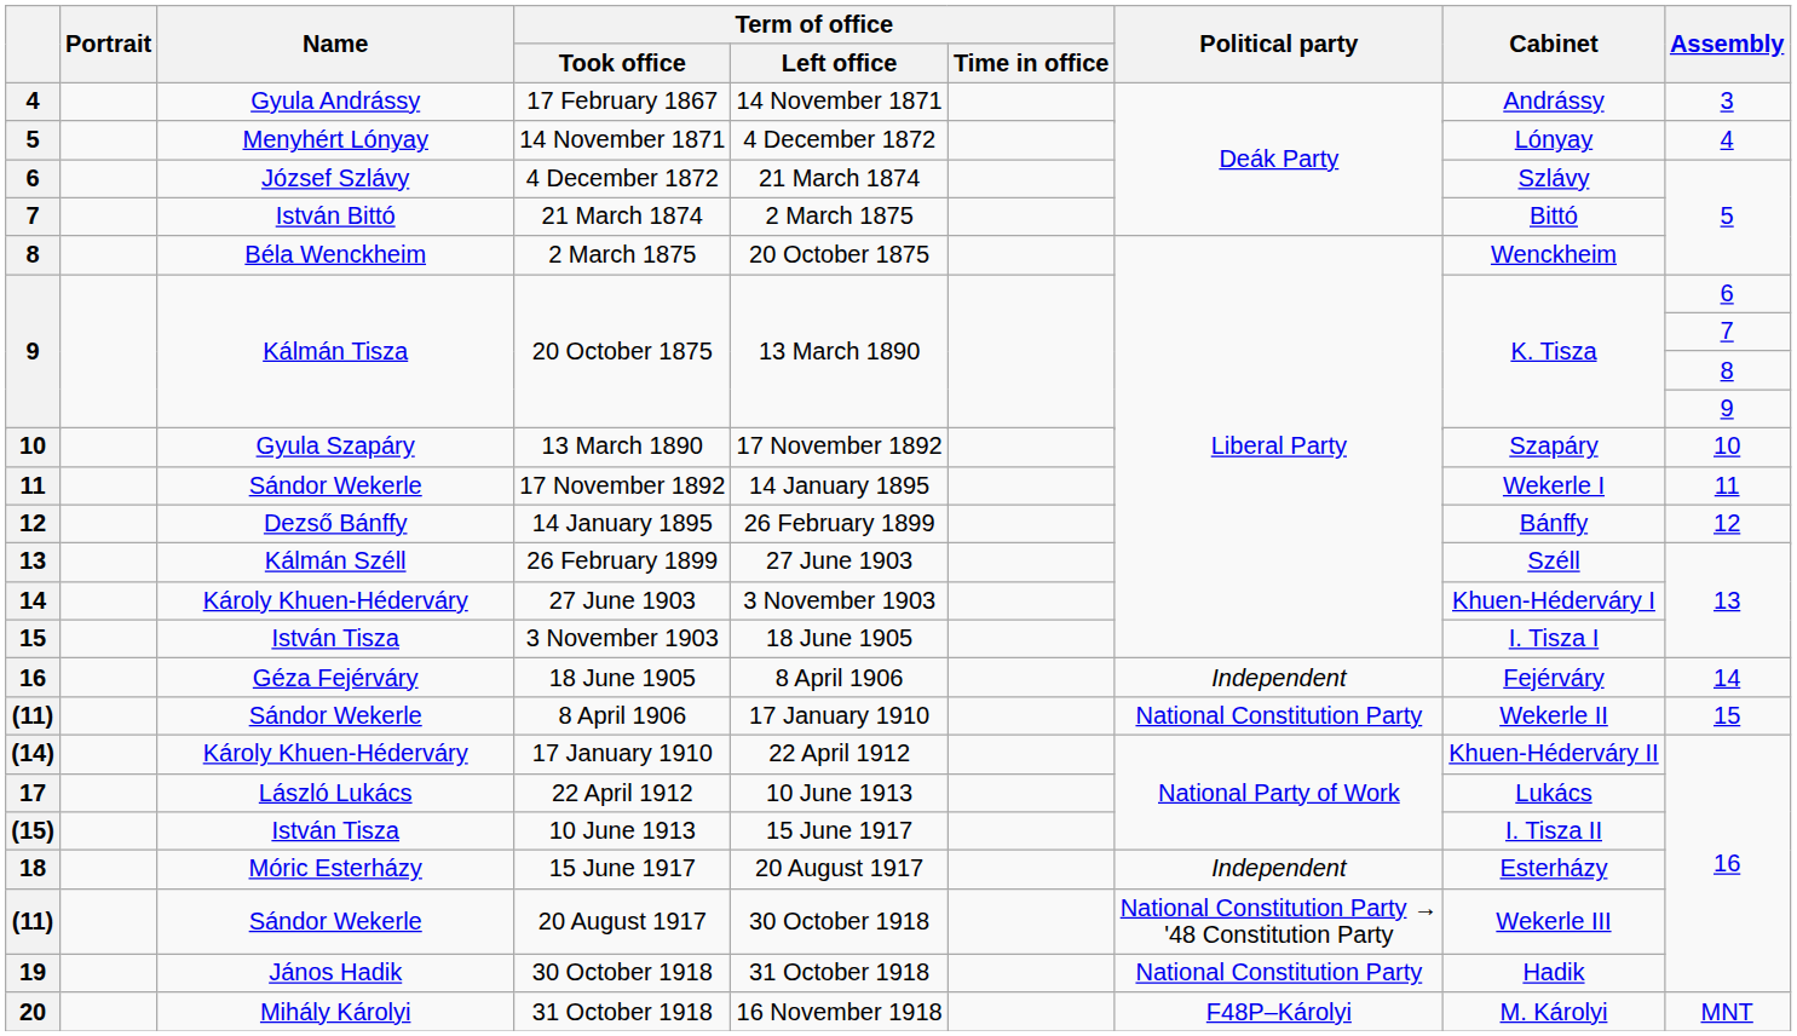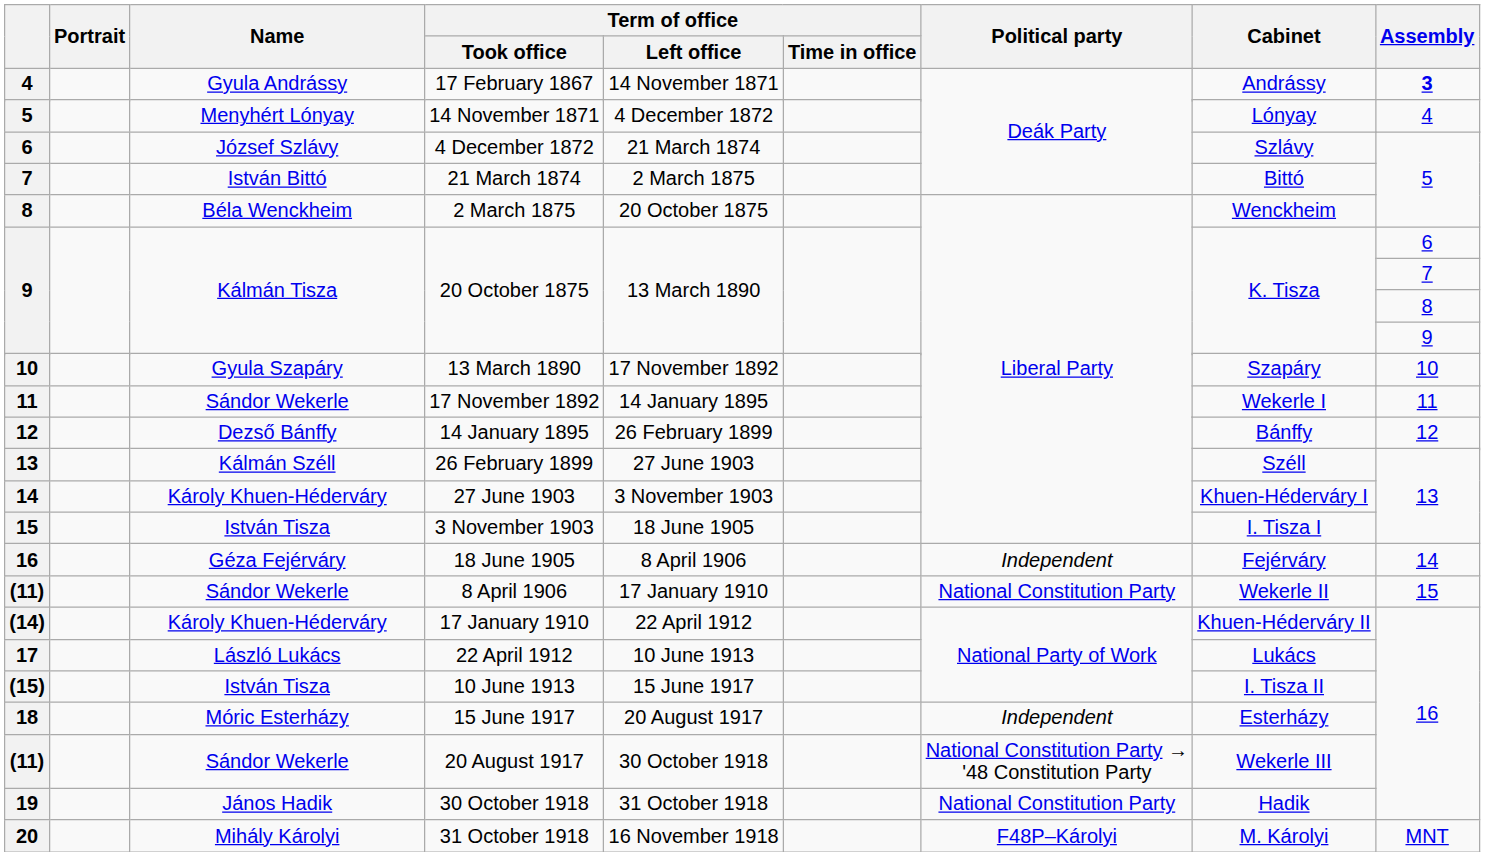 <table class="wikitable" style="text-align:center;">
 <tr>
 <th rowspan=2></th>
 <th rowspan=2>Portrait</th>
 <th width=20% rowspan=2>Name<br></th>
 <th colspan=3>Term of office</th>
 <th rowspan=2>Political party</th>
 <th rowspan=2>Cabinet</th>
 <th rowspan=2><a href='#'>Assembly</a><br></th>
 </tr>
 <tr>
 <th>Took office</th>
 <th>Left office</th>
 <th>Time in office</th>
 </tr>
 <tr>
 <th rowspan=2 style="background:">4</th>
 <td rowspan=2></td>
 <td rowspan=2><a href='#'>Gyula Andrássy</a><br></td>
 <td rowspan=2>17 February 1867</td>
 <td rowspan=2>14 November 1871</td>
 <td rowspan=2></td>
 <td rowspan=6><a href='#'>Deák Party</a></td>
 <td rowspan=2><a href='#'>Andrássy</a><br></td>
-<td><a href='#'>3 </a></td>
+<td><strong><a href='#'>3 </a></strong></td>
 </tr>
 <tr>
 <td rowspan=2><a href='#'>4 </a></td>
 </tr>
 <tr>
 <th rowspan=2 style="background:">5</th>
 <td rowspan=2></td>
 <td rowspan=2><a href='#'>Menyhért Lónyay</a><br></td>
 <td rowspan=2>14 November 1871</td>
 <td rowspan=2>4 December 1872</td>
 <td rowspan=2></td>
 <td rowspan=2><a href='#'>Lónyay</a><br></td>
 </tr>
 <tr>
 <td rowspan=4><a href='#'>5 </a></td>
 </tr>
 <tr>
 <th style="background:">6</th>
 <td></td>
 <td><a href='#'>József Szlávy</a><br></td>
 <td>4 December 1872</td>
 <td>21 March 1874</td>
 <td></td>
 <td><a href='#'>Szlávy</a><br></td>
 </tr>
 <tr>
 <th style="background:">7</th>
 <td></td>
 <td><a href='#'>István Bittó</a><br></td>
 <td>21 March 1874</td>
 <td>2 March 1875</td>
 <td></td>
 <td><a href='#'>Bittó</a><br></td>
 </tr>
 <tr>
 <th style="background:">8</th>
 <td></td>
 <td><a href='#'>Béla Wenckheim</a><br></td>
 <td>2 March 1875</td>
 <td>20 October 1875</td>
 <td></td>
 <td rowspan=15><a href='#'>Liberal Party</a></td>
 <td><a href='#'>Wenckheim</a><br></td>
 </tr>
 <tr>
 <th rowspan=5 style="background:">9</th>
 <td rowspan=5></td>
 <td rowspan=5><a href='#'>Kálmán Tisza</a><br></td>
 <td rowspan=5>20 October 1875</td>
 <td rowspan=5>13 March 1890</td>
 <td rowspan=5></td>
 <td rowspan=5><a href='#'>K. Tisza</a><br></td>
 <td><a href='#'>6 </a></td>
 </tr>
 <tr>
 <td><a href='#'>7 </a></td>
 </tr>
 <tr>
 <td><a href='#'>8 </a></td>
 </tr>
 <tr>
 <td><a href='#'>9 </a></td>
 </tr>
 <tr>
 <td rowspan=2><a href='#'>10 </a></td>
 </tr>
 <tr>
 <th rowspan=2 style="background:">10</th>
 <td rowspan=2></td>
 <td rowspan=2><a href='#'>Gyula Szapáry</a><br></td>
 <td rowspan=2>13 March 1890</td>
 <td rowspan=2>17 November 1892</td>
 <td rowspan=2></td>
 <td rowspan=2><a href='#'>Szapáry</a><br></td>
 </tr>
 <tr>
 <td rowspan=3><a href='#'>11 </a></td>
 </tr>
 <tr>
 <th style="background:">11</th>
 <td></td>
 <td><a href='#'>Sándor Wekerle</a><br></td>
 <td>17 November 1892</td>
 <td>14 January 1895</td>
 <td></td>
 <td><a href='#'>Wekerle I</a><br></td>
 </tr>
 <tr>
 <th rowspan=2 style="background:">12</th>
 <td rowspan=2></td>
 <td rowspan=2><a href='#'>Dezső Bánffy</a><br></td>
 <td rowspan=2>14 January 1895</td>
 <td rowspan=2>26 February 1899</td>
 <td rowspan=2></td>
 <td rowspan=2><a href='#'>Bánffy</a><br></td>
 </tr>
 <tr>
 <td rowspan=2><a href='#'>12 </a></td>
 </tr>
 <tr>
 <th rowspan=2 style="background:">13</th>
 <td rowspan=2></td>
 <td rowspan=2><a href='#'>Kálmán Széll</a><br></td>
 <td rowspan=2>26 February 1899</td>
 <td rowspan=2>27 June 1903</td>
 <td rowspan=2></td>
 <td rowspan=2><a href='#'>Széll</a><br></td>
 </tr>
 <tr>
 <td rowspan=3><a href='#'>13 </a></td>
 </tr>
 <tr>
 <th style="background:">14</th>
 <td></td>
 <td><a href='#'>Károly Khuen-Héderváry</a><br></td>
 <td>27 June 1903</td>
 <td>3 November 1903</td>
 <td></td>
 <td><a href='#'>Khuen-Héderváry I</a><br></td>
 </tr>
 <tr>
 <th style="background:">15</th>
 <td></td>
 <td><a href='#'>István Tisza</a><br></td>
 <td>3 November 1903</td>
 <td>18 June 1905</td>
 <td></td>
 <td><a href='#'>I. Tisza I</a><br></td>
 </tr>
 <tr>
 <th style="background:">16</th>
 <td></td>
 <td><a href='#'>Géza Fejérváry</a><br></td>
 <td>18 June 1905</td>
 <td>8 April 1906</td>
 <td></td>
 <td><em>Independent</em></td>
 <td><a href='#'>Fejérváry</a><br></td>
 <td><a href='#'>14 </a></td>
 </tr>
 <tr>
 <th style="background:">(11)</th>
 <td></td>
 <td><a href='#'>Sándor Wekerle</a><br></td>
 <td>8 April 1906</td>
 <td>17 January 1910</td>
 <td></td>
 <td><a href='#'>National Constitution Party</a></td>
 <td><a href='#'>Wekerle II</a><br></td>
 <td><a href='#'>15 </a></td>
 </tr>
 <tr>
 <th style="background:">(14)</th>
 <td></td>
 <td><a href='#'>Károly Khuen-Héderváry</a><br></td>
 <td>17 January 1910</td>
 <td>22 April 1912</td>
 <td></td>
 <td rowspan=3><a href='#'>National Party of Work</a></td>
 <td><a href='#'>Khuen-Héderváry II</a><br></td>
 <td rowspan=6><a href='#'>16 </a></td>
 </tr>
 <tr>
 <th style="background:">17</th>
 <td></td>
 <td><a href='#'>László Lukács</a><br></td>
 <td>22 April 1912</td>
 <td>10 June 1913</td>
 <td></td>
 <td><a href='#'>Lukács</a><br></td>
 </tr>
 <tr>
 <th style="background:">(15)</th>
 <td></td>
 <td><a href='#'>István Tisza</a><br></td>
 <td>10 June 1913</td>
 <td>15 June 1917</td>
 <td></td>
 <td><a href='#'>I. Tisza II</a><br></td>
 </tr>
 <tr>
 <th style="background:">18</th>
 <td></td>
 <td><a href='#'>Móric Esterházy</a><br></td>
 <td>15 June 1917</td>
 <td>20 August 1917</td>
 <td></td>
 <td><em>Independent</em></td>
 <td><a href='#'>Esterházy</a><br></td>
 </tr>
 <tr>
 <th style="background:">(11)</th>
 <td></td>
 <td><a href='#'>Sándor Wekerle</a><br></td>
 <td>20 August 1917</td>
 <td>30 October 1918</td>
 <td></td>
 <td><a href='#'>National Constitution Party</a> →<br>'48 Constitution Party</td>
 <td><a href='#'>Wekerle III</a><br></td>
 </tr>
 <tr>
 <th style="background:">19</th>
 <td></td>
 <td><a href='#'>János Hadik</a><br></td>
 <td>30 October 1918</td>
 <td>31 October 1918</td>
 <td></td>
 <td><a href='#'>National Constitution Party</a></td>
 <td><a href='#'>Hadik</a><br></td>
 </tr>
 <tr>
 <th style="background:">20</th>
 <td></td>
 <td><a href='#'>Mihály Károlyi</a><br></td>
 <td>31 October 1918</td>
 <td>16 November 1918</td>
 <td></td>
 <td><a href='#'>F48P–Károlyi</a></td>
 <td><a href='#'>M. Károlyi</a><br></td>
 <td><a href='#'>MNT </a></td>
 </tr>
 </table>
